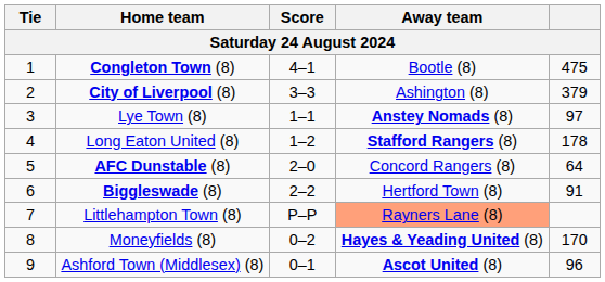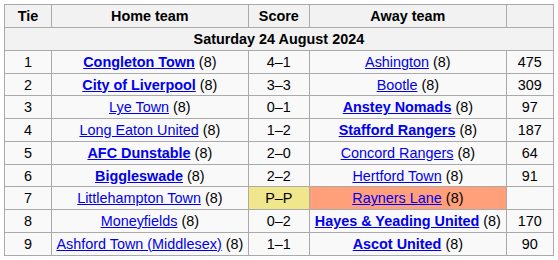 <table class="wikitable" style="text-align:center; font-size:90%">
 <tr>
 <th scope="col" style="width:  8.43%;">Tie</th>
 <th scope="col" style="width: 35.29%;">Home team</th>
 <th scope="col" style="width: 11.00%;">Score</th>
 <th scope="col" style="width: 35.29%;">Away team</th>
 <th scope="col" style="width:  8.43%;"></th>
 </tr>
 <tr>
 <th colspan="5"><strong>Saturday 24 August 2024</strong></th>
 </tr>
 <tr>
 <td>1</td>
 <td><strong><a href='#'>Congleton Town</a></strong> (8)</td>
 <td>4–1</td>
-<td><a href='#'>Bootle</a> (8)</td>
+<td><a href='#'>Ashington</a> (8)</td>
 <td>475</td>
 </tr>
 <tr>
 <td>2</td>
 <td><strong><a href='#'>City of Liverpool</a></strong> (8)</td>
 <td>3–3 </td>
-<td><a href='#'>Ashington</a> (8)</td>
-<td>379</td>
+<td><a href='#'>Bootle</a> (8)</td>
+<td>309</td>
 </tr>
 <tr>
 <td>3</td>
 <td><a href='#'>Lye Town</a> (8)</td>
-<td>1–1 </td>
+<td>0–1</td>
 <td><strong><a href='#'>Anstey Nomads</a></strong> (8)</td>
 <td>97</td>
 </tr>
 <tr>
 <td>4</td>
 <td><a href='#'>Long Eaton United</a> (8)</td>
 <td>1–2</td>
 <td><strong><a href='#'>Stafford Rangers</a></strong> (8)</td>
-<td>178</td>
+<td>187</td>
 </tr>
 <tr>
 <td>5</td>
 <td><strong><a href='#'>AFC Dunstable</a></strong> (8)</td>
 <td>2–0</td>
 <td><a href='#'>Concord Rangers</a> (8)</td>
 <td>64</td>
 </tr>
 <tr>
 <td>6</td>
 <td><strong><a href='#'>Biggleswade</a></strong> (8)</td>
 <td>2–2 </td>
 <td><a href='#'>Hertford Town</a> (8)</td>
 <td>91</td>
 </tr>
 <tr>
 <td>7</td>
 <td><a href='#'>Littlehampton Town</a> (8)</td>
-<td>P–P</td>
+<td style="background: khaki;">P–P</td>
 <td style="background: lightsalmon;"><a href='#'>Rayners Lane</a> (8)</td>
 <td></td>
 </tr>
 <tr>
 <td>8</td>
 <td><a href='#'>Moneyfields</a> (8)</td>
 <td>0–2</td>
 <td><strong><a href='#'>Hayes & Yeading United</a></strong> (8)</td>
 <td>170</td>
 </tr>
 <tr>
 <td>9</td>
 <td><a href='#'>Ashford Town (Middlesex)</a> (8)</td>
-<td>0–1</td>
+<td>1–1 </td>
 <td><strong><a href='#'>Ascot United</a></strong> (8)</td>
-<td>96</td>
+<td>90</td>
 </tr>
 <tr>
 </tr>
 </table>
